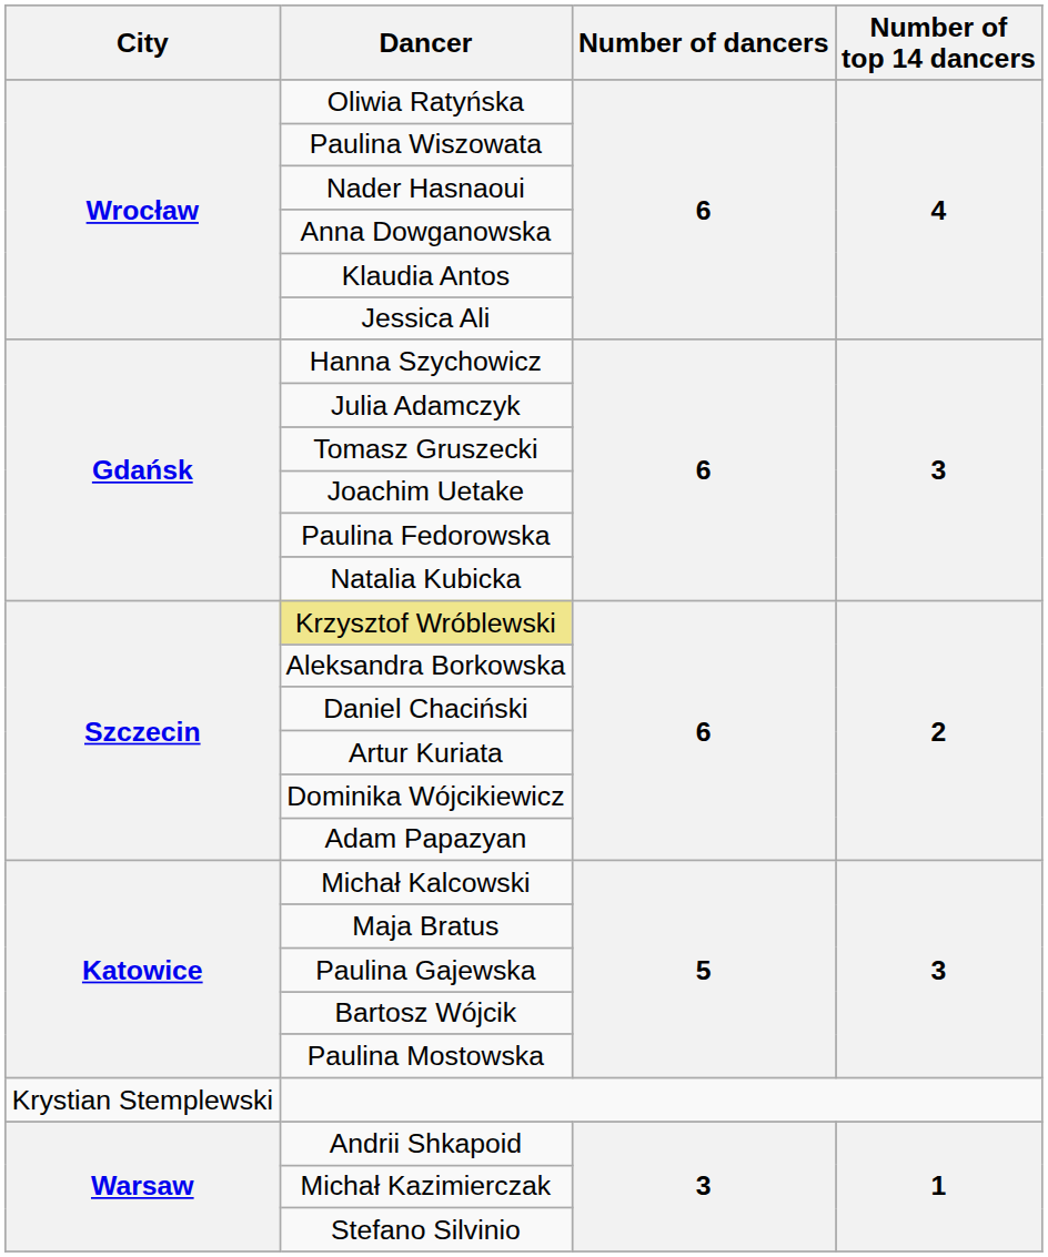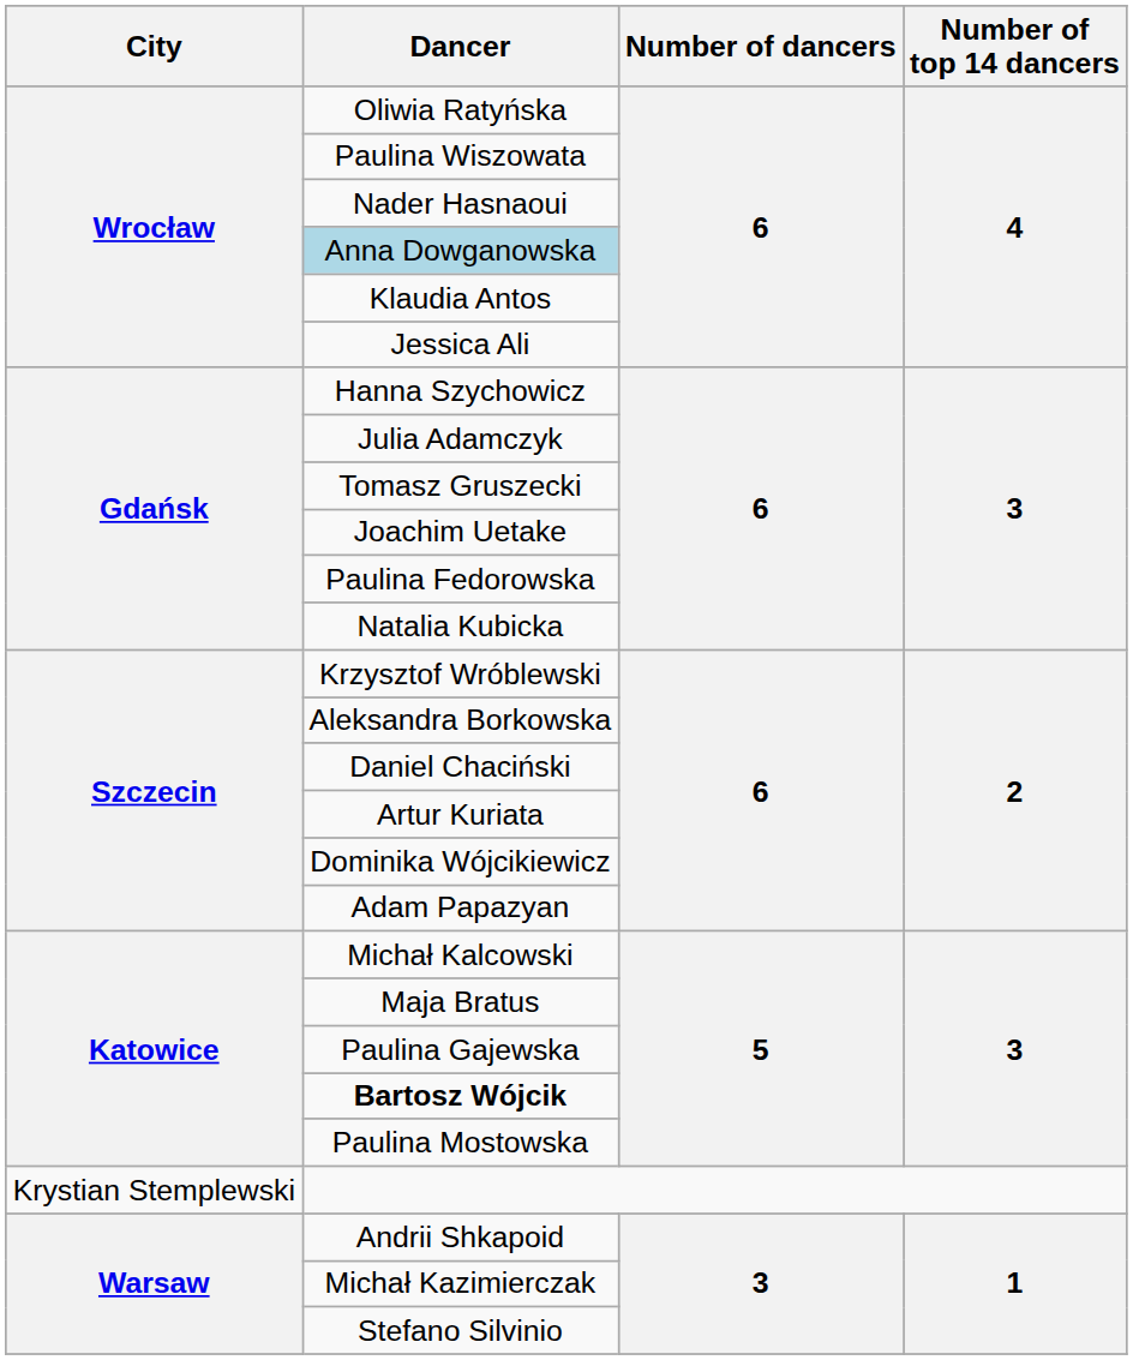 <table class="wikitable" style="font-size:90%; text-align:center">
 <tr>
 <th>City</th>
 <th>Dancer</th>
 <th>Number of dancers</th>
 <th>Number of<br>top 14 dancers</th>
 </tr>
 <tr>
 <th rowspan="6"><a href='#'>Wrocław</a></th>
 <td>Oliwia Ratyńska</td>
 <th rowspan="6">6</th>
 <th rowspan="6">4</th>
 </tr>
 <tr>
 <td>Paulina Wiszowata</td>
 </tr>
 <tr>
 <td>Nader Hasnaoui</td>
 </tr>
 <tr>
-<td>Anna Dowganowska</td>
+<td style="background: lightblue;">Anna Dowganowska</td>
 </tr>
 <tr>
 <td>Klaudia Antos</td>
 </tr>
 <tr>
 <td>Jessica Ali</td>
 </tr>
 <tr>
 <th rowspan="6"><a href='#'>Gdańsk</a></th>
 <td>Hanna Szychowicz</td>
 <th rowspan="6">6</th>
 <th rowspan="6">3</th>
 </tr>
 <tr>
 <td>Julia Adamczyk</td>
 </tr>
 <tr>
 <td>Tomasz Gruszecki</td>
 </tr>
 <tr>
 <td>Joachim Uetake</td>
 </tr>
 <tr>
 <td>Paulina Fedorowska</td>
 </tr>
 <tr>
 <td>Natalia Kubicka</td>
 </tr>
 <tr>
 <th rowspan="6"><a href='#'>Szczecin</a></th>
-<td style="background: khaki;">Krzysztof Wróblewski</td>
+<td>Krzysztof Wróblewski</td>
 <th rowspan="6">6</th>
 <th rowspan="6">2</th>
 </tr>
 <tr>
 <td>Aleksandra Borkowska</td>
 </tr>
 <tr>
 <td>Daniel Chaciński</td>
 </tr>
 <tr>
 <td>Artur Kuriata</td>
 </tr>
 <tr>
 <td>Dominika Wójcikiewicz</td>
 </tr>
 <tr>
 <td>Adam Papazyan</td>
 </tr>
 <tr>
 <th rowspan="5"><a href='#'>Katowice</a></th>
 <td>Michał Kalcowski</td>
 <th rowspan="5">5</th>
 <th rowspan="5">3</th>
 </tr>
 <tr>
 <td>Maja Bratus</td>
 </tr>
 <tr>
 <td>Paulina Gajewska</td>
 </tr>
 <tr>
-<td>Bartosz Wójcik</td>
+<td><strong>Bartosz Wójcik</strong></td>
 </tr>
 <tr>
 <td>Paulina Mostowska</td>
 </tr>
 <tr>
 <td>Krystian Stemplewski</td>
 </tr>
 <tr>
 <th rowspan="3"><a href='#'>Warsaw</a></th>
 <td>Andrii Shkapoid</td>
 <th rowspan="3">3</th>
 <th rowspan="3">1</th>
 </tr>
 <tr>
 <td>Michał Kazimierczak</td>
 </tr>
 <tr>
 <td>Stefano Silvinio</td>
 </tr>
 </table>
